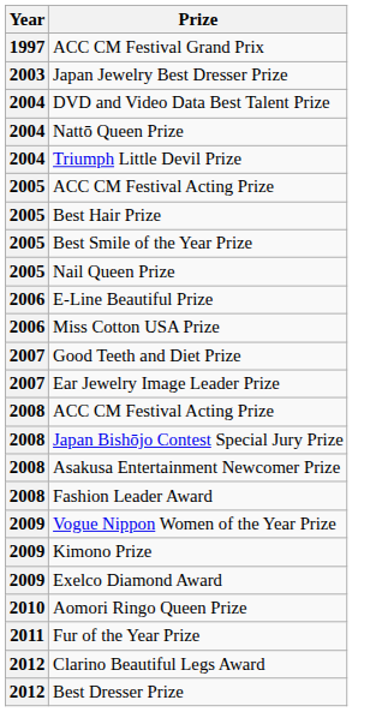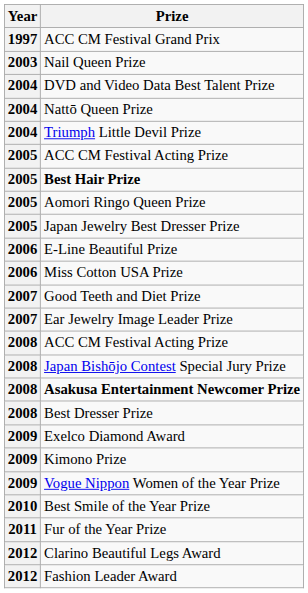 <table class="wikitable plainrowheaders sortable" style="font-size:100%">
 <tr>
 <th scope="col">Year</th>
 <th scope="col">Prize</th>
 </tr>
 <tr>
 <th scope="row">1997</th>
 <td>ACC CM Festival Grand Prix</td>
 </tr>
 <tr>
 <th scope="row">2003</th>
-<td>Japan Jewelry Best Dresser Prize</td>
+<td>Nail Queen Prize</td>
 </tr>
 <tr>
 <th scope="row">2004</th>
 <td>DVD and Video Data Best Talent Prize</td>
 </tr>
 <tr>
 <th scope="row">2004</th>
 <td>Nattō Queen Prize</td>
 </tr>
 <tr>
 <th scope="row">2004</th>
 <td><a href='#'>Triumph</a> Little Devil Prize</td>
 </tr>
 <tr>
 <th scope="row">2005</th>
 <td>ACC CM Festival Acting Prize</td>
 </tr>
 <tr>
 <th scope="row">2005</th>
-<td>Best Hair Prize</td>
+<td><strong>Best Hair Prize</strong></td>
 </tr>
 <tr>
 <th scope="row">2005</th>
-<td>Best Smile of the Year Prize</td>
+<td>Aomori Ringo Queen Prize</td>
 </tr>
 <tr>
 <th scope="row">2005</th>
-<td>Nail Queen Prize</td>
+<td>Japan Jewelry Best Dresser Prize</td>
 </tr>
 <tr>
 <th scope="row">2006</th>
 <td>E-Line Beautiful Prize</td>
 </tr>
 <tr>
 <th scope="row">2006</th>
 <td>Miss Cotton USA Prize</td>
 </tr>
 <tr>
 <th scope="row">2007</th>
 <td>Good Teeth and Diet Prize</td>
 </tr>
 <tr>
 <th scope="row">2007</th>
 <td>Ear Jewelry Image Leader Prize</td>
 </tr>
 <tr>
 <th scope="row">2008</th>
 <td>ACC CM Festival Acting Prize</td>
 </tr>
 <tr>
 <th scope="row">2008</th>
 <td><a href='#'>Japan Bishōjo Contest</a> Special Jury Prize</td>
 </tr>
 <tr>
 <th scope="row">2008</th>
-<td>Asakusa Entertainment Newcomer Prize</td>
+<td><strong>Asakusa Entertainment Newcomer Prize</strong></td>
 </tr>
 <tr>
 <th scope="row">2008</th>
-<td>Fashion Leader Award</td>
+<td>Best Dresser Prize</td>
 </tr>
 <tr>
 <th scope="row">2009</th>
-<td><a href='#'>Vogue Nippon</a> Women of the Year Prize</td>
+<td>Exelco Diamond Award</td>
 </tr>
 <tr>
 <th scope="row">2009</th>
 <td>Kimono Prize</td>
 </tr>
 <tr>
 <th scope="row">2009</th>
-<td>Exelco Diamond Award</td>
+<td><a href='#'>Vogue Nippon</a> Women of the Year Prize</td>
 </tr>
 <tr>
 <th scope="row">2010</th>
-<td>Aomori Ringo Queen Prize</td>
+<td>Best Smile of the Year Prize</td>
 </tr>
 <tr>
 <th scope="row">2011</th>
 <td>Fur of the Year Prize</td>
 </tr>
 <tr>
 <th scope="row">2012</th>
 <td>Clarino Beautiful Legs Award</td>
 </tr>
 <tr>
 <th scope="row">2012</th>
-<td>Best Dresser Prize</td>
+<td>Fashion Leader Award</td>
 </tr>
 </table>
